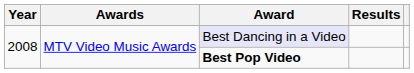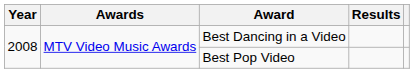 <table class="wikitable">
 <tr>
 <th style="text-align:center;">Year</th>
 <th style="text-align:center;">Awards</th>
 <th style="text-align:center;">Award</th>
 <th style="text-align:center;">Results</th>
 <th style="text-align:center;"></th>
 </tr>
 <tr>
 <td rowspan="2" align="left">2008</td>
 <td rowspan="2" align="left"><a href='#'>MTV Video Music Awards</a></td>
-<td align="left" style="background: lavender;">Best Dancing in a Video</td>
+<td align="left">Best Dancing in a Video</td>
 <td></td>
 <td></td>
 </tr>
 <tr>
-<td align="left"><strong>Best Pop Video</strong></td>
+<td align="left">Best Pop Video</td>
 <td></td>
 <td></td>
 </tr>
 </table>
